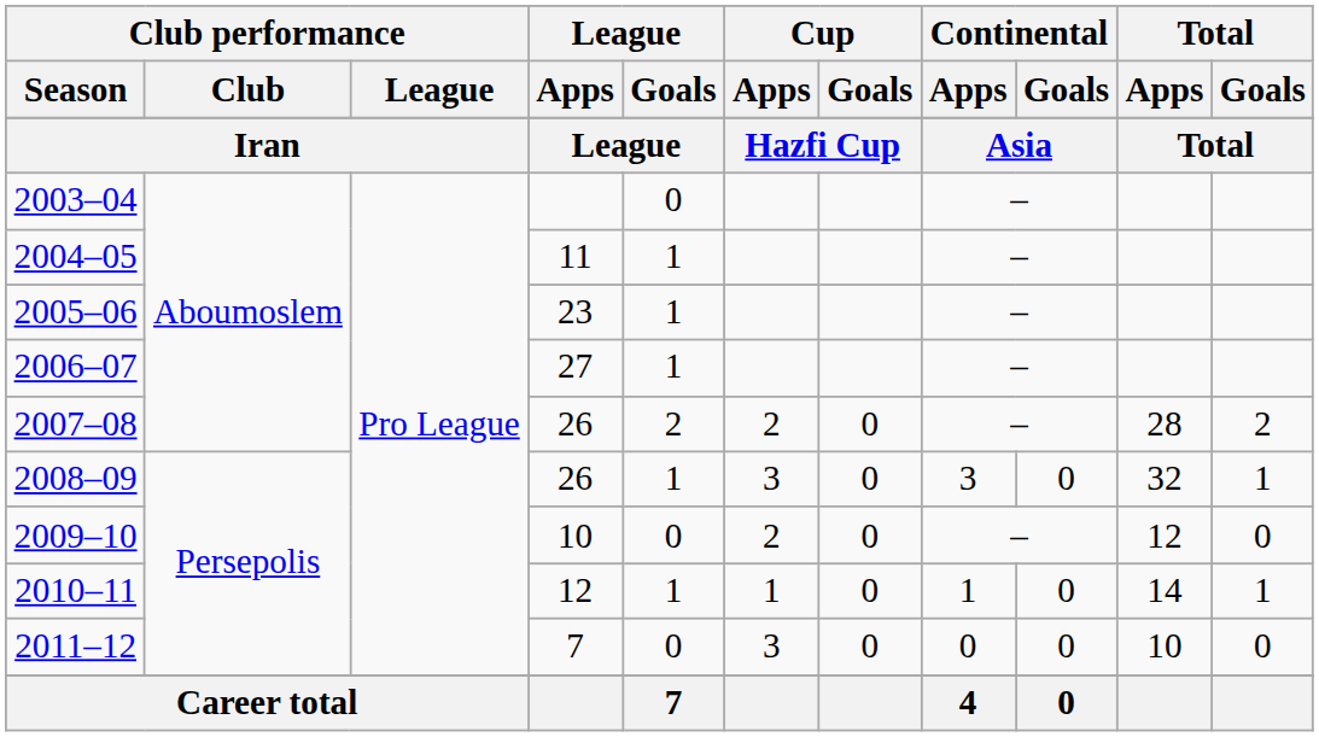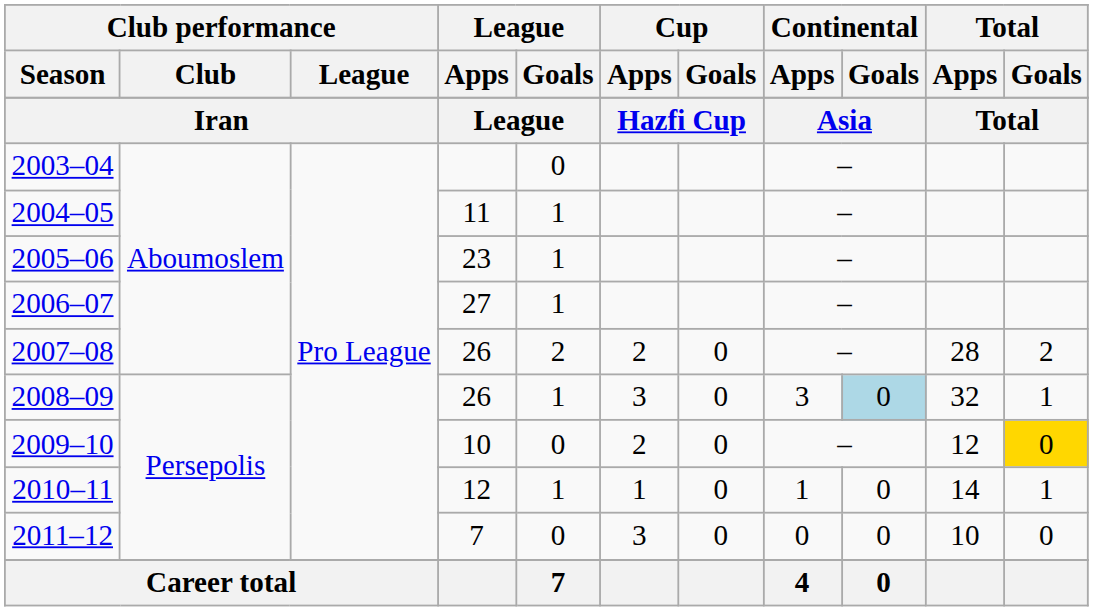 <table class="wikitable" style="text-align:center">
 <tr>
 <th colspan=3>Club performance</th>
 <th colspan=2>League</th>
 <th colspan=2>Cup</th>
 <th colspan=2>Continental</th>
 <th colspan=2>Total</th>
 </tr>
 <tr>
 <th>Season</th>
 <th>Club</th>
 <th>League</th>
 <th>Apps</th>
 <th>Goals</th>
 <th>Apps</th>
 <th>Goals</th>
 <th>Apps</th>
 <th>Goals</th>
 <th>Apps</th>
 <th>Goals</th>
 </tr>
 <tr>
 </tr>
 <tr>
 <th colspan=3>Iran</th>
 <th colspan=2>League</th>
 <th colspan=2><a href='#'>Hazfi Cup</a></th>
 <th colspan=2><a href='#'>Asia</a></th>
 <th colspan=2>Total</th>
 </tr>
 <tr>
 <td><a href='#'>2003–04</a></td>
 <td rowspan="5"><a href='#'>Aboumoslem</a></td>
 <td rowspan="9"><a href='#'>Pro League</a></td>
 <td></td>
 <td>0</td>
 <td></td>
 <td></td>
 <td colspan="2">–</td>
 <td></td>
 <td></td>
 </tr>
 <tr>
 <td><a href='#'>2004–05</a></td>
 <td>11</td>
 <td>1</td>
 <td></td>
 <td></td>
 <td colspan="2">–</td>
 <td></td>
 <td></td>
 </tr>
 <tr>
 <td><a href='#'>2005–06</a></td>
 <td>23</td>
 <td>1</td>
 <td></td>
 <td></td>
 <td colspan="2">–</td>
 <td></td>
 <td></td>
 </tr>
 <tr>
 <td><a href='#'>2006–07</a></td>
 <td>27</td>
 <td>1</td>
 <td></td>
 <td></td>
 <td colspan="2">–</td>
 <td></td>
 <td></td>
 </tr>
 <tr>
 <td><a href='#'>2007–08</a></td>
 <td>26</td>
 <td>2</td>
 <td>2</td>
 <td>0</td>
 <td colspan="2">–</td>
 <td>28</td>
 <td>2</td>
 </tr>
 <tr>
 <td><a href='#'>2008–09</a></td>
 <td rowspan="4"><a href='#'>Persepolis</a></td>
 <td>26</td>
 <td>1</td>
 <td>3</td>
 <td>0</td>
 <td>3</td>
-<td>0</td>
+<td style="background: lightblue;">0</td>
 <td>32</td>
 <td>1</td>
 </tr>
 <tr>
 <td><a href='#'>2009–10</a></td>
 <td>10</td>
 <td>0</td>
 <td>2</td>
 <td>0</td>
 <td colspan="2">–</td>
 <td>12</td>
-<td>0</td>
+<td style="background: gold;">0</td>
 </tr>
 <tr>
 <td><a href='#'>2010–11</a></td>
 <td>12</td>
 <td>1</td>
 <td>1</td>
 <td>0</td>
 <td>1</td>
 <td>0</td>
 <td>14</td>
 <td>1</td>
 </tr>
 <tr>
 <td><a href='#'>2011–12</a></td>
 <td>7</td>
 <td>0</td>
 <td>3</td>
 <td>0</td>
 <td>0</td>
 <td>0</td>
 <td>10</td>
 <td>0</td>
 </tr>
 <tr>
 </tr>
 <tr>
 <th colspan=3>Career total</th>
 <th></th>
 <th>7</th>
 <th></th>
 <th></th>
 <th>4</th>
 <th>0</th>
 <th></th>
 <th></th>
 </tr>
 </table>
